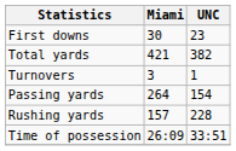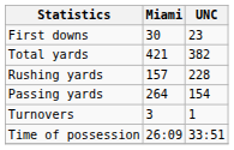 <table class="wikitable">
 <tr>
 <th>Statistics</th>
 <th>Miami</th>
 <th>UNC</th>
 </tr>
 <tr>
 <td>First downs</td>
 <td>30</td>
 <td>23</td>
 </tr>
 <tr>
 <td>Total yards</td>
 <td>421</td>
 <td>382</td>
 </tr>
 <tr>
-<td>Turnovers</td>
-<td>3</td>
-<td>1</td>
+<td>Rushing yards</td>
+<td>157</td>
+<td>228</td>
 </tr>
 <tr>
 <td>Passing yards</td>
 <td>264</td>
 <td>154</td>
 </tr>
 <tr>
-<td>Rushing yards</td>
-<td>157</td>
-<td>228</td>
+<td>Turnovers</td>
+<td>3</td>
+<td>1</td>
 </tr>
 <tr>
 <td>Time of possession</td>
 <td>26:09</td>
 <td>33:51</td>
 </tr>
 <tr>
 </tr>
 </table>
